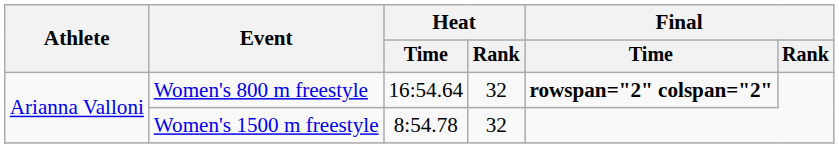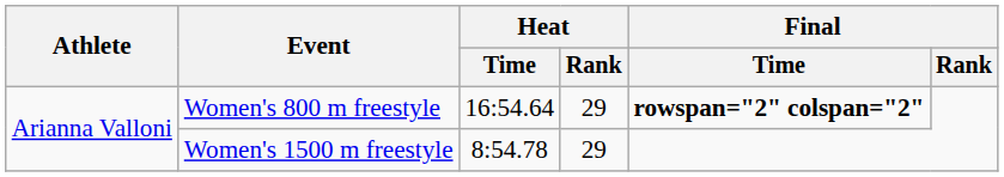 <table class=wikitable style="font-size:90%">
 <tr>
 <th rowspan="2">Athlete</th>
 <th rowspan="2">Event</th>
 <th colspan="2">Heat</th>
 <th colspan="2">Final</th>
 </tr>
 <tr style="font-size:95%">
 <th>Time</th>
 <th>Rank</th>
 <th>Time</th>
 <th>Rank</th>
 </tr>
 <tr align=center>
 <td align=left rowspan=2><a href='#'>Arianna Valloni</a></td>
 <td align=left><a href='#'>Women's 800 m freestyle</a></td>
 <td>16:54.64</td>
-<td>32</td>
+<td>29</td>
 <td><strong>rowspan="2" colspan="2"</strong></td>
 </tr>
 <tr align=center>
 <td align=left><a href='#'>Women's 1500 m freestyle</a></td>
 <td>8:54.78</td>
-<td>32</td>
+<td>29</td>
 </tr>
 </table>
